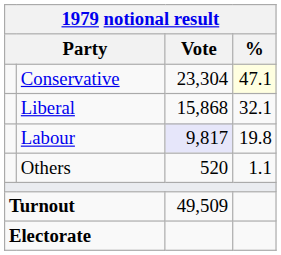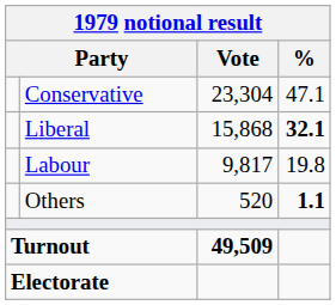 <table class="wikitable">
 <tr>
 <th colspan="4"><a href='#'>1979</a> <a href='#'>notional result</a></th>
 </tr>
 <tr>
 <th bgcolor="#DDDDFF" width="130px" colspan="2">Party</th>
 <th bgcolor="#DDDDFF" width="50px">Vote</th>
 <th bgcolor="#DDDDFF" width="30px">%</th>
 </tr>
 <tr>
 <td></td>
 <td><a href='#'>Conservative</a></td>
 <td align=right>23,304</td>
-<td align=right style="background: lightyellow;">47.1</td>
+<td align=right>47.1</td>
 </tr>
 <tr>
 <td></td>
 <td><a href='#'>Liberal</a></td>
 <td align=right>15,868</td>
-<td align=right>32.1</td>
+<td align=right><strong>32.1</strong></td>
 </tr>
 <tr>
 <td></td>
 <td><a href='#'>Labour</a></td>
-<td align=right style="background: lavender;">9,817</td>
+<td align=right>9,817</td>
 <td align=right>19.8</td>
 </tr>
 <tr>
 <td></td>
 <td>Others</td>
 <td align=right>520</td>
-<td align=right>1.1</td>
+<td align=right><strong>1.1</strong></td>
 </tr>
 <tr>
 <td colspan="4" bgcolor="#EAECF0"></td>
 </tr>
 <tr>
 <td colspan="2"><strong>Turnout</strong></td>
-<td align=right>49,509</td>
+<td align=right><strong>49,509</strong></td>
 <td align=right></td>
 </tr>
 <tr>
 <td colspan="2"><strong>Electorate</strong></td>
 <td align=right></td>
 </tr>
 </table>
